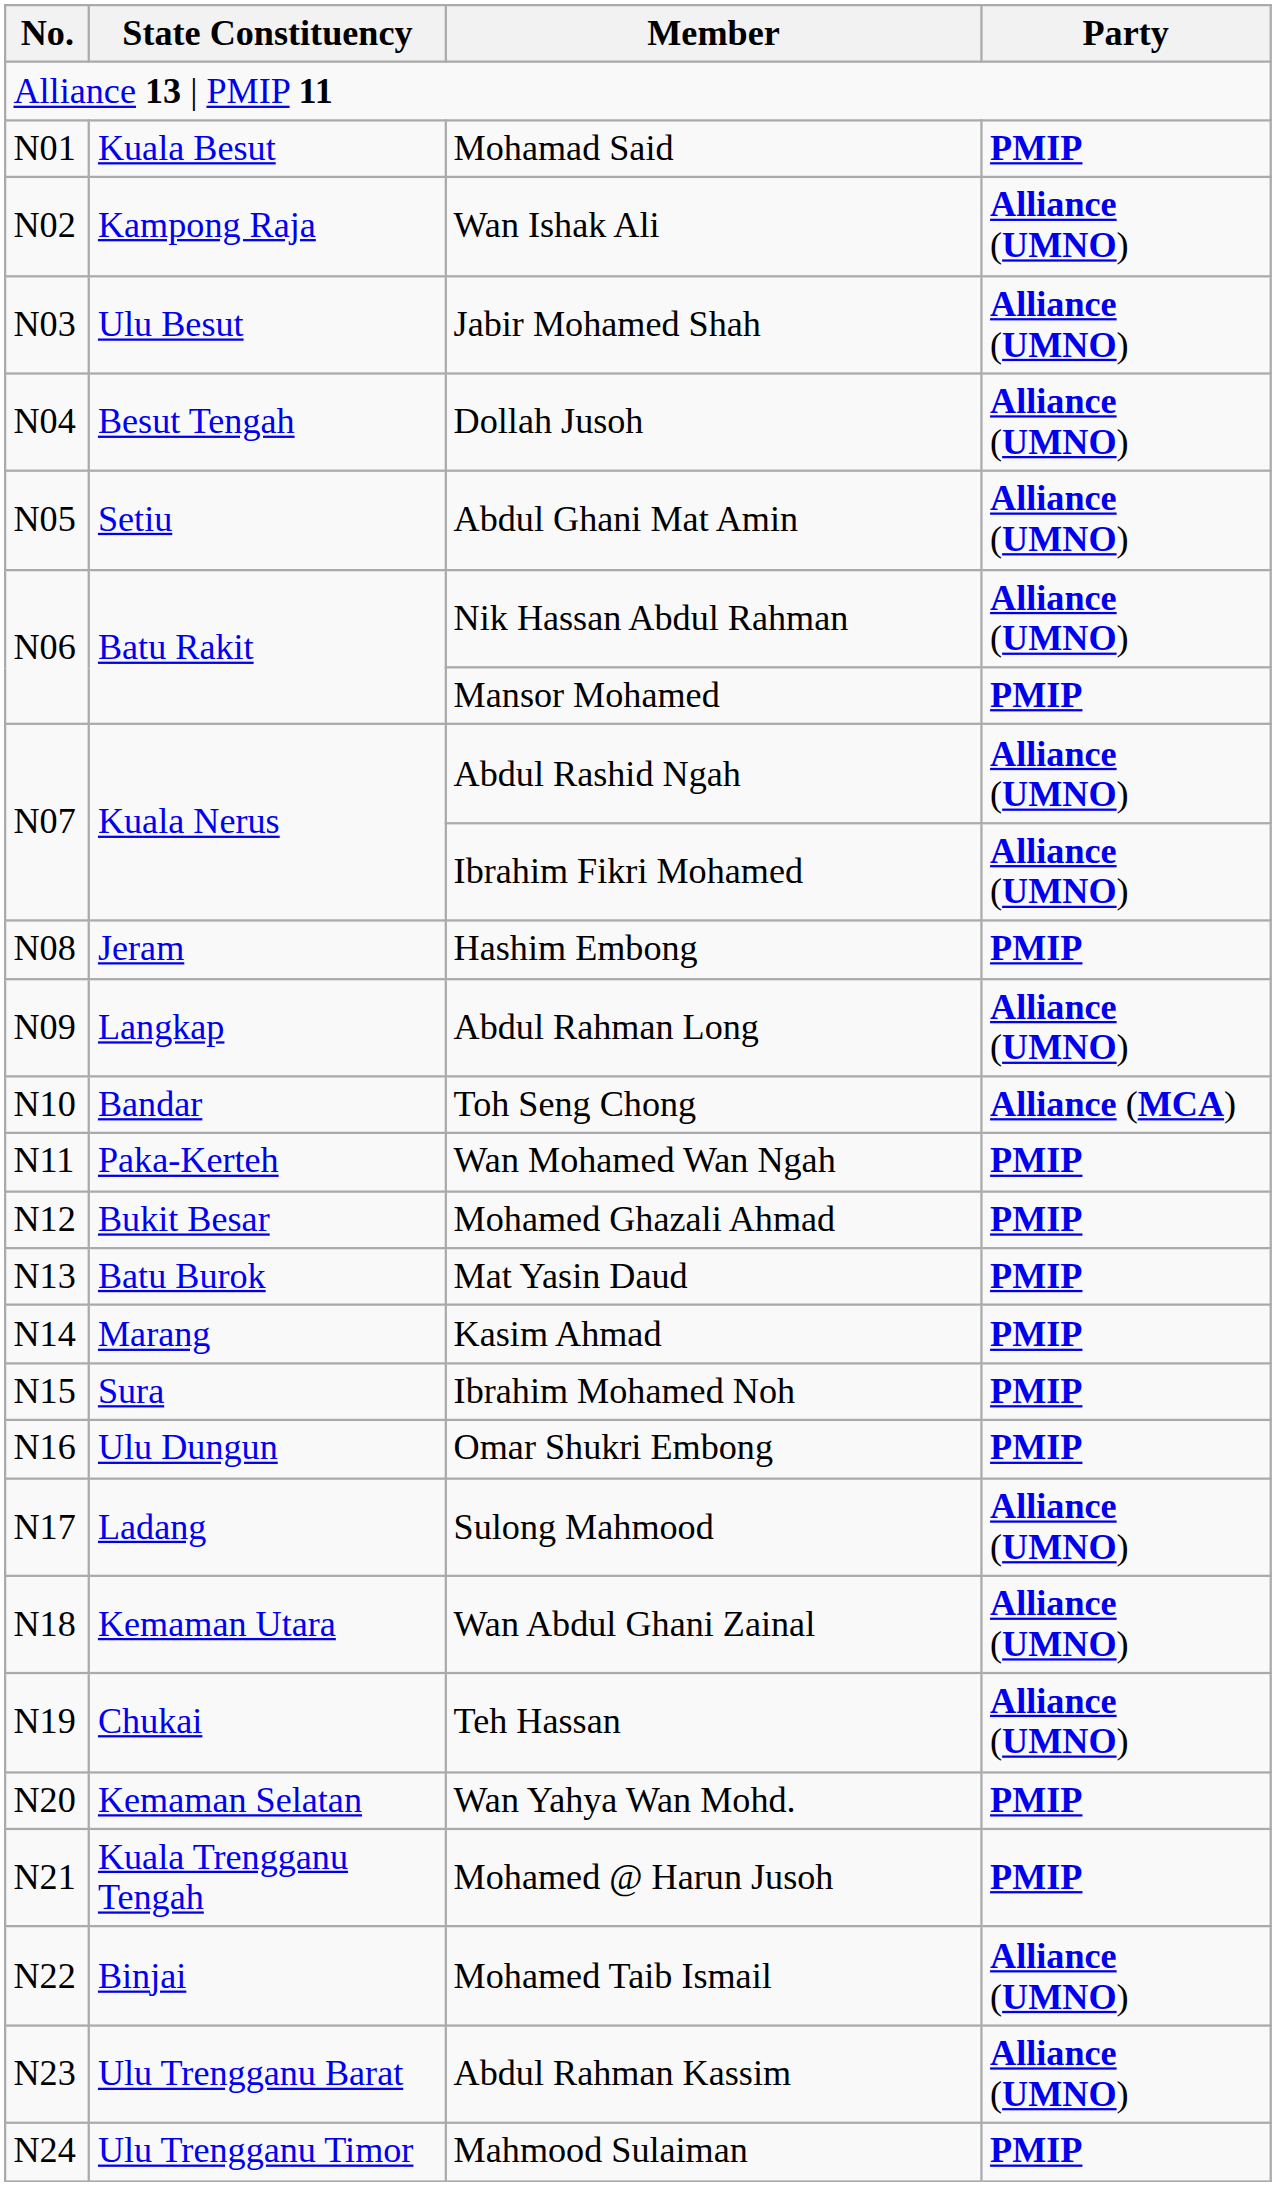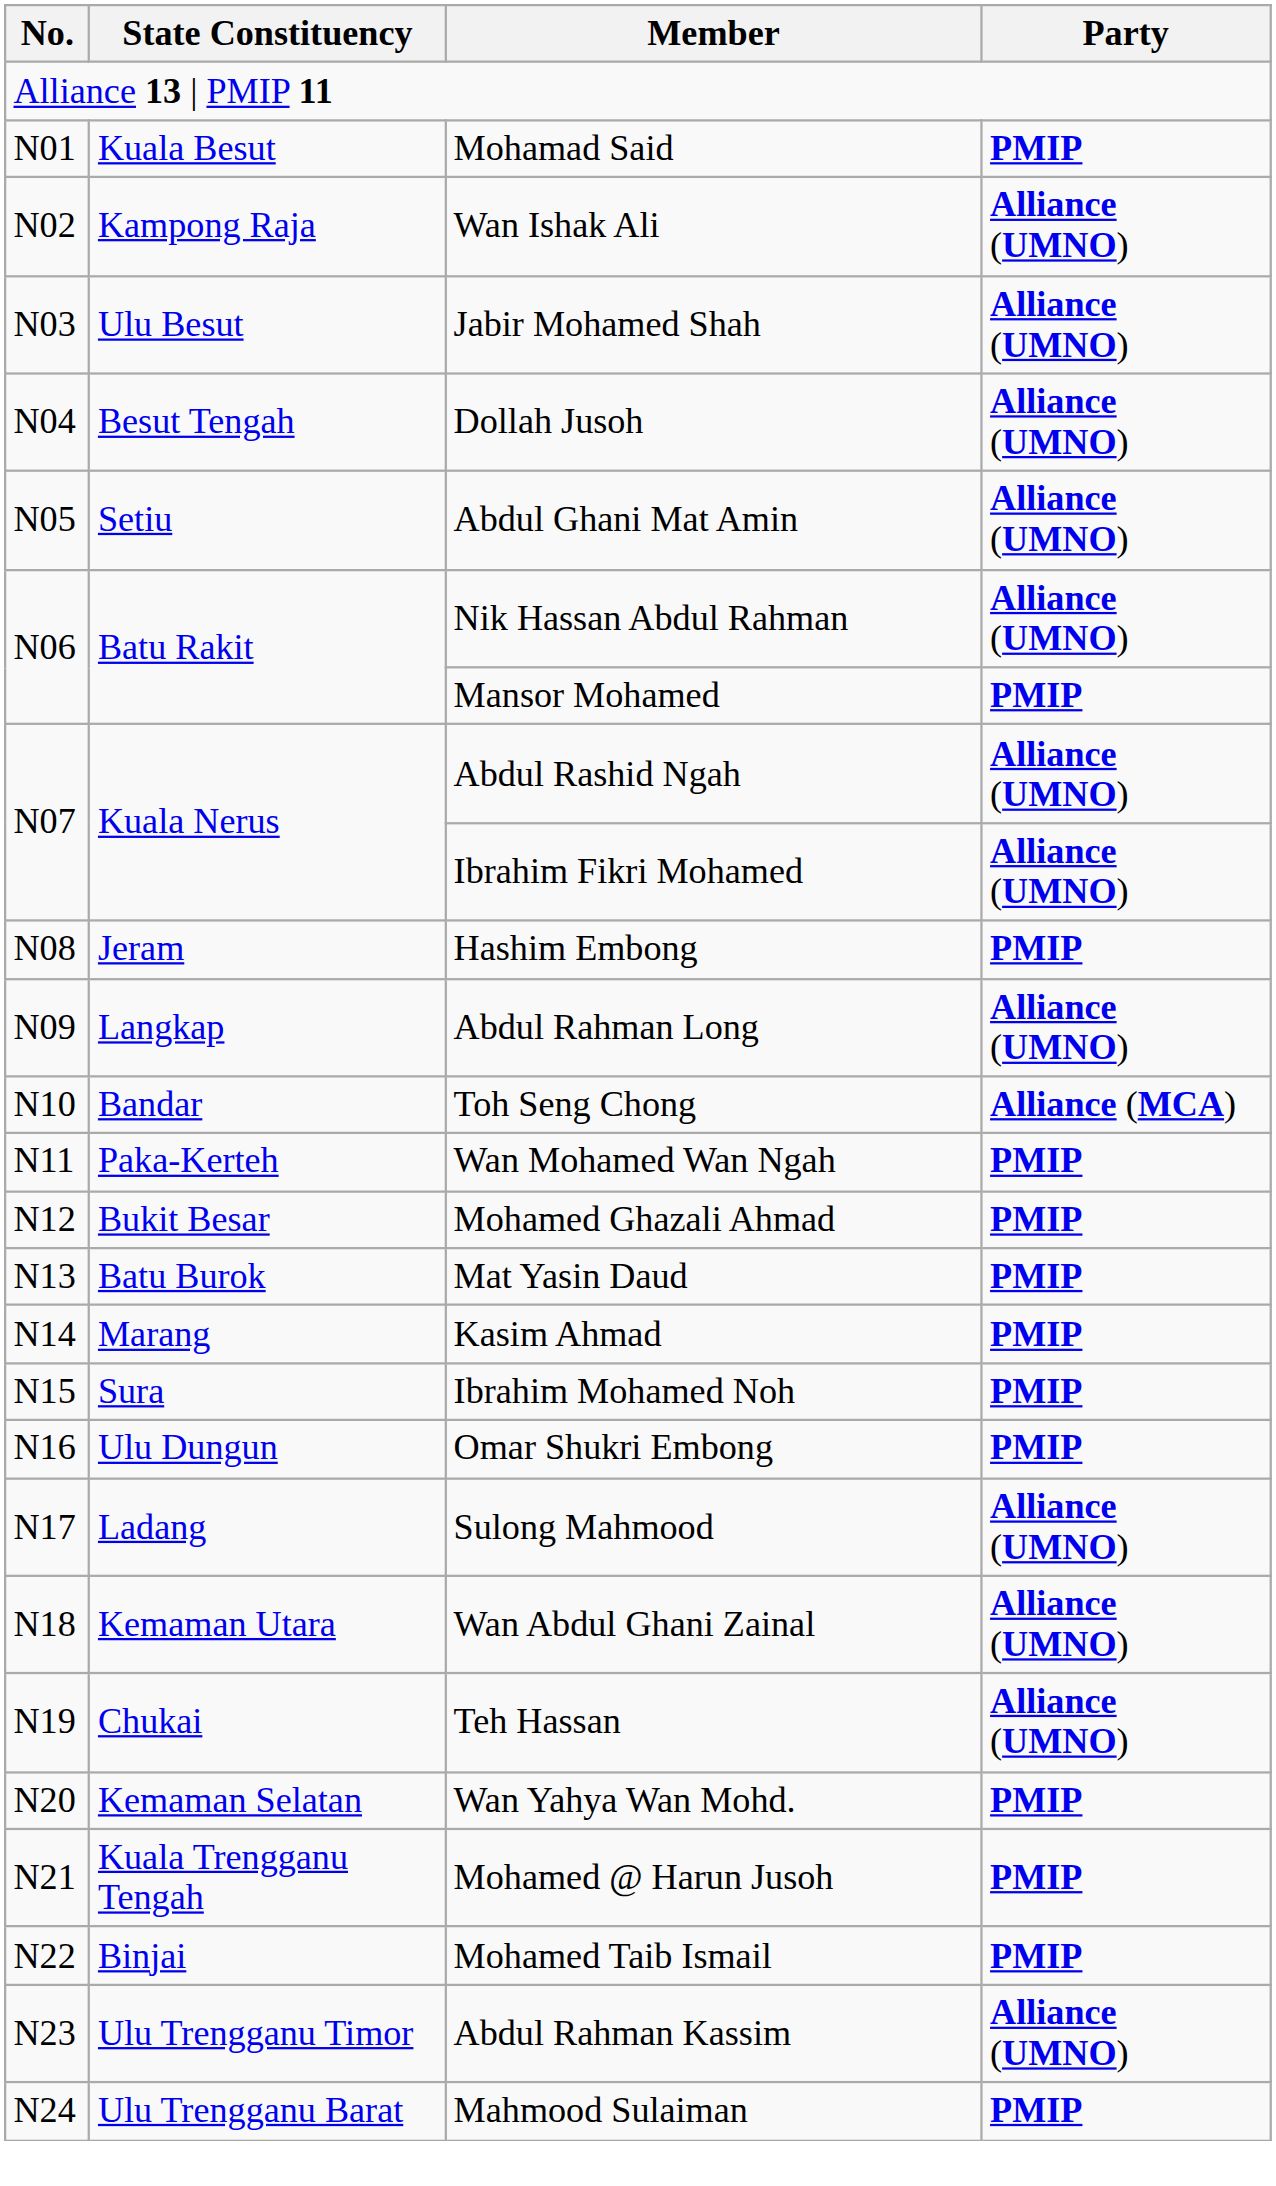 <table class="wikitable sortable">
 <tr>
 <th style="width:30px;">No.</th>
 <th style="width:150px;">State Constituency</th>
 <th style="width:230px;">Member</th>
 <th style="width:120px;">Party</th>
 </tr>
 <tr>
 <td colspan="4"><a href='#'>Alliance</a> <strong>13</strong> | <a href='#'>PMIP</a> <strong>11</strong></td>
 </tr>
 <tr>
 <td>N01</td>
 <td><a href='#'>Kuala Besut</a></td>
 <td>Mohamad Said</td>
 <td><strong><a href='#'>PMIP</a></strong></td>
 </tr>
 <tr>
 <td>N02</td>
 <td><a href='#'>Kampong Raja</a></td>
 <td>Wan Ishak Ali</td>
 <td><strong><a href='#'>Alliance</a></strong> (<strong><a href='#'>UMNO</a></strong>)</td>
 </tr>
 <tr>
 <td>N03</td>
 <td><a href='#'>Ulu Besut</a></td>
 <td>Jabir Mohamed Shah</td>
 <td><strong><a href='#'>Alliance</a></strong> (<strong><a href='#'>UMNO</a></strong>)</td>
 </tr>
 <tr>
 <td>N04</td>
 <td><a href='#'>Besut Tengah</a></td>
 <td>Dollah Jusoh</td>
 <td><strong><a href='#'>Alliance</a></strong> (<strong><a href='#'>UMNO</a></strong>)</td>
 </tr>
 <tr>
 <td>N05</td>
 <td><a href='#'>Setiu</a></td>
 <td>Abdul Ghani Mat Amin</td>
 <td><strong><a href='#'>Alliance</a></strong> (<strong><a href='#'>UMNO</a></strong>)</td>
 </tr>
 <tr>
 <td rowspan=2>N06</td>
 <td rowspan=2><a href='#'>Batu Rakit</a></td>
 <td>Nik Hassan Abdul Rahman </td>
 <td><strong><a href='#'>Alliance</a></strong> (<strong><a href='#'>UMNO</a></strong>)</td>
 </tr>
 <tr>
 <td>Mansor Mohamed </td>
 <td><strong><a href='#'>PMIP</a></strong></td>
 </tr>
 <tr>
 <td rowspan=2>N07</td>
 <td rowspan=2><a href='#'>Kuala Nerus</a></td>
 <td>Abdul Rashid Ngah </td>
 <td><strong><a href='#'>Alliance</a></strong> (<strong><a href='#'>UMNO</a></strong>)</td>
 </tr>
 <tr>
 <td>Ibrahim Fikri Mohamed </td>
 <td><strong><a href='#'>Alliance</a></strong> (<strong><a href='#'>UMNO</a></strong>)</td>
 </tr>
 <tr>
 <td>N08</td>
 <td><a href='#'>Jeram</a></td>
 <td>Hashim Embong</td>
 <td><strong><a href='#'>PMIP</a></strong></td>
 </tr>
 <tr>
 <td>N09</td>
 <td><a href='#'>Langkap</a></td>
 <td>Abdul Rahman Long</td>
 <td><strong><a href='#'>Alliance</a></strong> (<strong><a href='#'>UMNO</a></strong>)</td>
 </tr>
 <tr>
 <td>N10</td>
 <td><a href='#'>Bandar</a></td>
 <td>Toh Seng Chong</td>
 <td><strong><a href='#'>Alliance</a></strong> (<strong><a href='#'>MCA</a></strong>)</td>
 </tr>
 <tr>
 <td>N11</td>
 <td><a href='#'>Paka-Kerteh</a></td>
 <td>Wan Mohamed Wan Ngah</td>
 <td><strong><a href='#'>PMIP</a></strong></td>
 </tr>
 <tr>
 <td>N12</td>
 <td><a href='#'>Bukit Besar</a></td>
 <td>Mohamed Ghazali Ahmad</td>
 <td><strong><a href='#'>PMIP</a></strong></td>
 </tr>
 <tr>
 <td>N13</td>
 <td><a href='#'>Batu Burok</a></td>
 <td>Mat Yasin Daud</td>
 <td><strong><a href='#'>PMIP</a></strong></td>
 </tr>
 <tr>
 <td>N14</td>
 <td><a href='#'>Marang</a></td>
 <td>Kasim Ahmad</td>
 <td><strong><a href='#'>PMIP</a></strong></td>
 </tr>
 <tr>
 <td>N15</td>
 <td><a href='#'>Sura</a></td>
 <td>Ibrahim Mohamed Noh</td>
 <td><strong><a href='#'>PMIP</a></strong></td>
 </tr>
 <tr>
 <td>N16</td>
 <td><a href='#'>Ulu Dungun</a></td>
 <td>Omar Shukri Embong</td>
 <td><strong><a href='#'>PMIP</a></strong></td>
 </tr>
 <tr>
 <td>N17</td>
 <td><a href='#'>Ladang</a></td>
 <td>Sulong Mahmood</td>
 <td><strong><a href='#'>Alliance</a></strong> (<strong><a href='#'>UMNO</a></strong>)</td>
 </tr>
 <tr>
 <td>N18</td>
 <td><a href='#'>Kemaman Utara</a></td>
 <td>Wan Abdul Ghani Zainal</td>
 <td><strong><a href='#'>Alliance</a></strong> (<strong><a href='#'>UMNO</a></strong>)</td>
 </tr>
 <tr>
 <td>N19</td>
 <td><a href='#'>Chukai</a></td>
 <td>Teh Hassan</td>
 <td><strong><a href='#'>Alliance</a></strong> (<strong><a href='#'>UMNO</a></strong>)</td>
 </tr>
 <tr>
 <td>N20</td>
 <td><a href='#'>Kemaman Selatan</a></td>
 <td>Wan Yahya Wan Mohd.</td>
 <td><strong><a href='#'>PMIP</a></strong></td>
 </tr>
 <tr>
 <td>N21</td>
 <td><a href='#'>Kuala Trengganu Tengah</a></td>
 <td>Mohamed @ Harun Jusoh</td>
 <td><strong><a href='#'>PMIP</a></strong></td>
 </tr>
 <tr>
 <td>N22</td>
 <td><a href='#'>Binjai</a></td>
 <td>Mohamed Taib Ismail</td>
-<td><strong><a href='#'>Alliance</a></strong> (<strong><a href='#'>UMNO</a></strong>)</td>
+<td><strong><a href='#'>PMIP</a></strong></td>
 </tr>
 <tr>
 <td>N23</td>
-<td><a href='#'>Ulu Trengganu Barat</a></td>
+<td><a href='#'>Ulu Trengganu Timor</a></td>
 <td>Abdul Rahman Kassim</td>
 <td><strong><a href='#'>Alliance</a></strong> (<strong><a href='#'>UMNO</a></strong>)</td>
 </tr>
 <tr>
 <td>N24</td>
-<td><a href='#'>Ulu Trengganu Timor</a></td>
+<td><a href='#'>Ulu Trengganu Barat</a></td>
 <td>Mahmood Sulaiman</td>
 <td><strong><a href='#'>PMIP</a></strong></td>
 </tr>
 </table>
